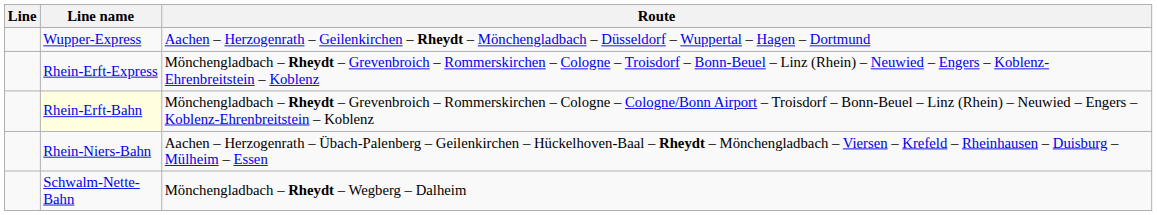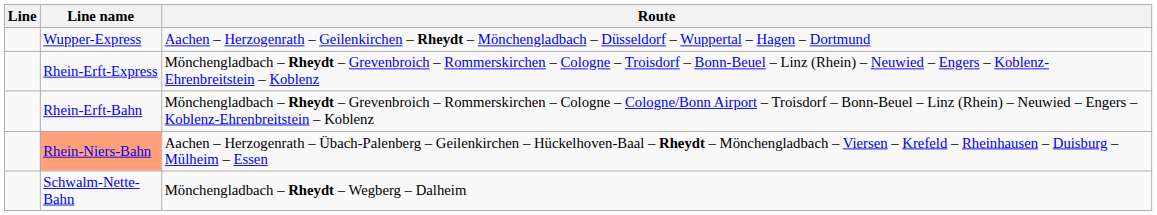 <table class="wikitable">
 <tr>
 <th>Line</th>
 <th>Line name</th>
 <th colspan="3">Route</th>
 </tr>
 <tr>
 <td></td>
 <td><a href='#'>Wupper-Express</a></td>
 <td colspan="2"><a href='#'>Aachen</a> – <a href='#'>Herzogenrath</a> – <a href='#'>Geilenkirchen</a> – <strong>Rheydt</strong> – <a href='#'>Mönchengladbach</a> – <a href='#'>Düsseldorf</a> – <a href='#'>Wuppertal</a> – <a href='#'>Hagen</a> – <a href='#'>Dortmund</a></td>
 </tr>
 <tr>
 <td></td>
 <td><a href='#'>Rhein-Erft-Express</a></td>
 <td colspan="2">Mönchengladbach – <strong>Rheydt</strong> – <a href='#'>Grevenbroich</a> – <a href='#'>Rommerskirchen</a> – <a href='#'>Cologne</a> –  <a href='#'>Troisdorf</a> – <a href='#'>Bonn-Beuel</a> – Linz (Rhein) – <a href='#'>Neuwied</a> – <a href='#'>Engers</a> – <a href='#'>Koblenz-Ehrenbreitstein</a> – <a href='#'>Koblenz</a></td>
 </tr>
 <tr>
 <td></td>
-<td style="background: lightyellow;"><a href='#'>Rhein-Erft-Bahn</a></td>
+<td><a href='#'>Rhein-Erft-Bahn</a></td>
 <td colspan="2">Mönchengladbach – <strong>Rheydt</strong> – Grevenbroich – Rommerskirchen – Cologne – <a href='#'>Cologne/Bonn Airport</a> – Troisdorf – Bonn-Beuel – Linz (Rhein) – Neuwied – Engers – <a href='#'>Koblenz-Ehrenbreitstein</a> – Koblenz</td>
 </tr>
 <tr>
 <td></td>
-<td><a href='#'>Rhein-Niers-Bahn</a></td>
+<td style="background: lightsalmon;"><a href='#'>Rhein-Niers-Bahn</a></td>
 <td colspan="2">Aachen – Herzogenrath – Übach-Palenberg – Geilenkirchen – Hückelhoven-Baal – <strong>Rheydt</strong> – Mönchengladbach – <a href='#'>Viersen</a> – <a href='#'>Krefeld</a> – <a href='#'>Rheinhausen</a> – <a href='#'>Duisburg</a> – <a href='#'>Mülheim</a> – <a href='#'>Essen</a></td>
 </tr>
 <tr>
 <td></td>
 <td><a href='#'>Schwalm-Nette-Bahn</a></td>
 <td colspan="2">Mönchengladbach – <strong>Rheydt</strong> – Wegberg – Dalheim</td>
 </tr>
 </table>
